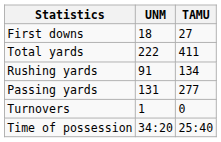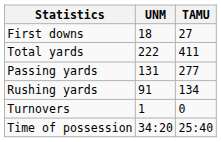 <table class="wikitable" style="float: left;">
 <tr>
 <th>Statistics</th>
 <th>UNM</th>
 <th>TAMU</th>
 </tr>
 <tr>
 <td>First downs</td>
 <td>18</td>
 <td>27</td>
 </tr>
 <tr>
 <td>Total yards</td>
 <td>222</td>
 <td>411</td>
 </tr>
 <tr>
+<td>Passing yards</td>
+<td>131</td>
+<td>277</td>
+</tr>
+<tr>
 <td>Rushing yards</td>
 <td>91</td>
 <td>134</td>
-</tr>
-<tr>
-<td>Passing yards</td>
-<td>131</td>
-<td>277</td>
 </tr>
 <tr>
 <td>Turnovers</td>
 <td>1</td>
 <td>0</td>
 </tr>
 <tr>
 <td>Time of possession</td>
 <td>34:20</td>
 <td>25:40</td>
 </tr>
 </table>
